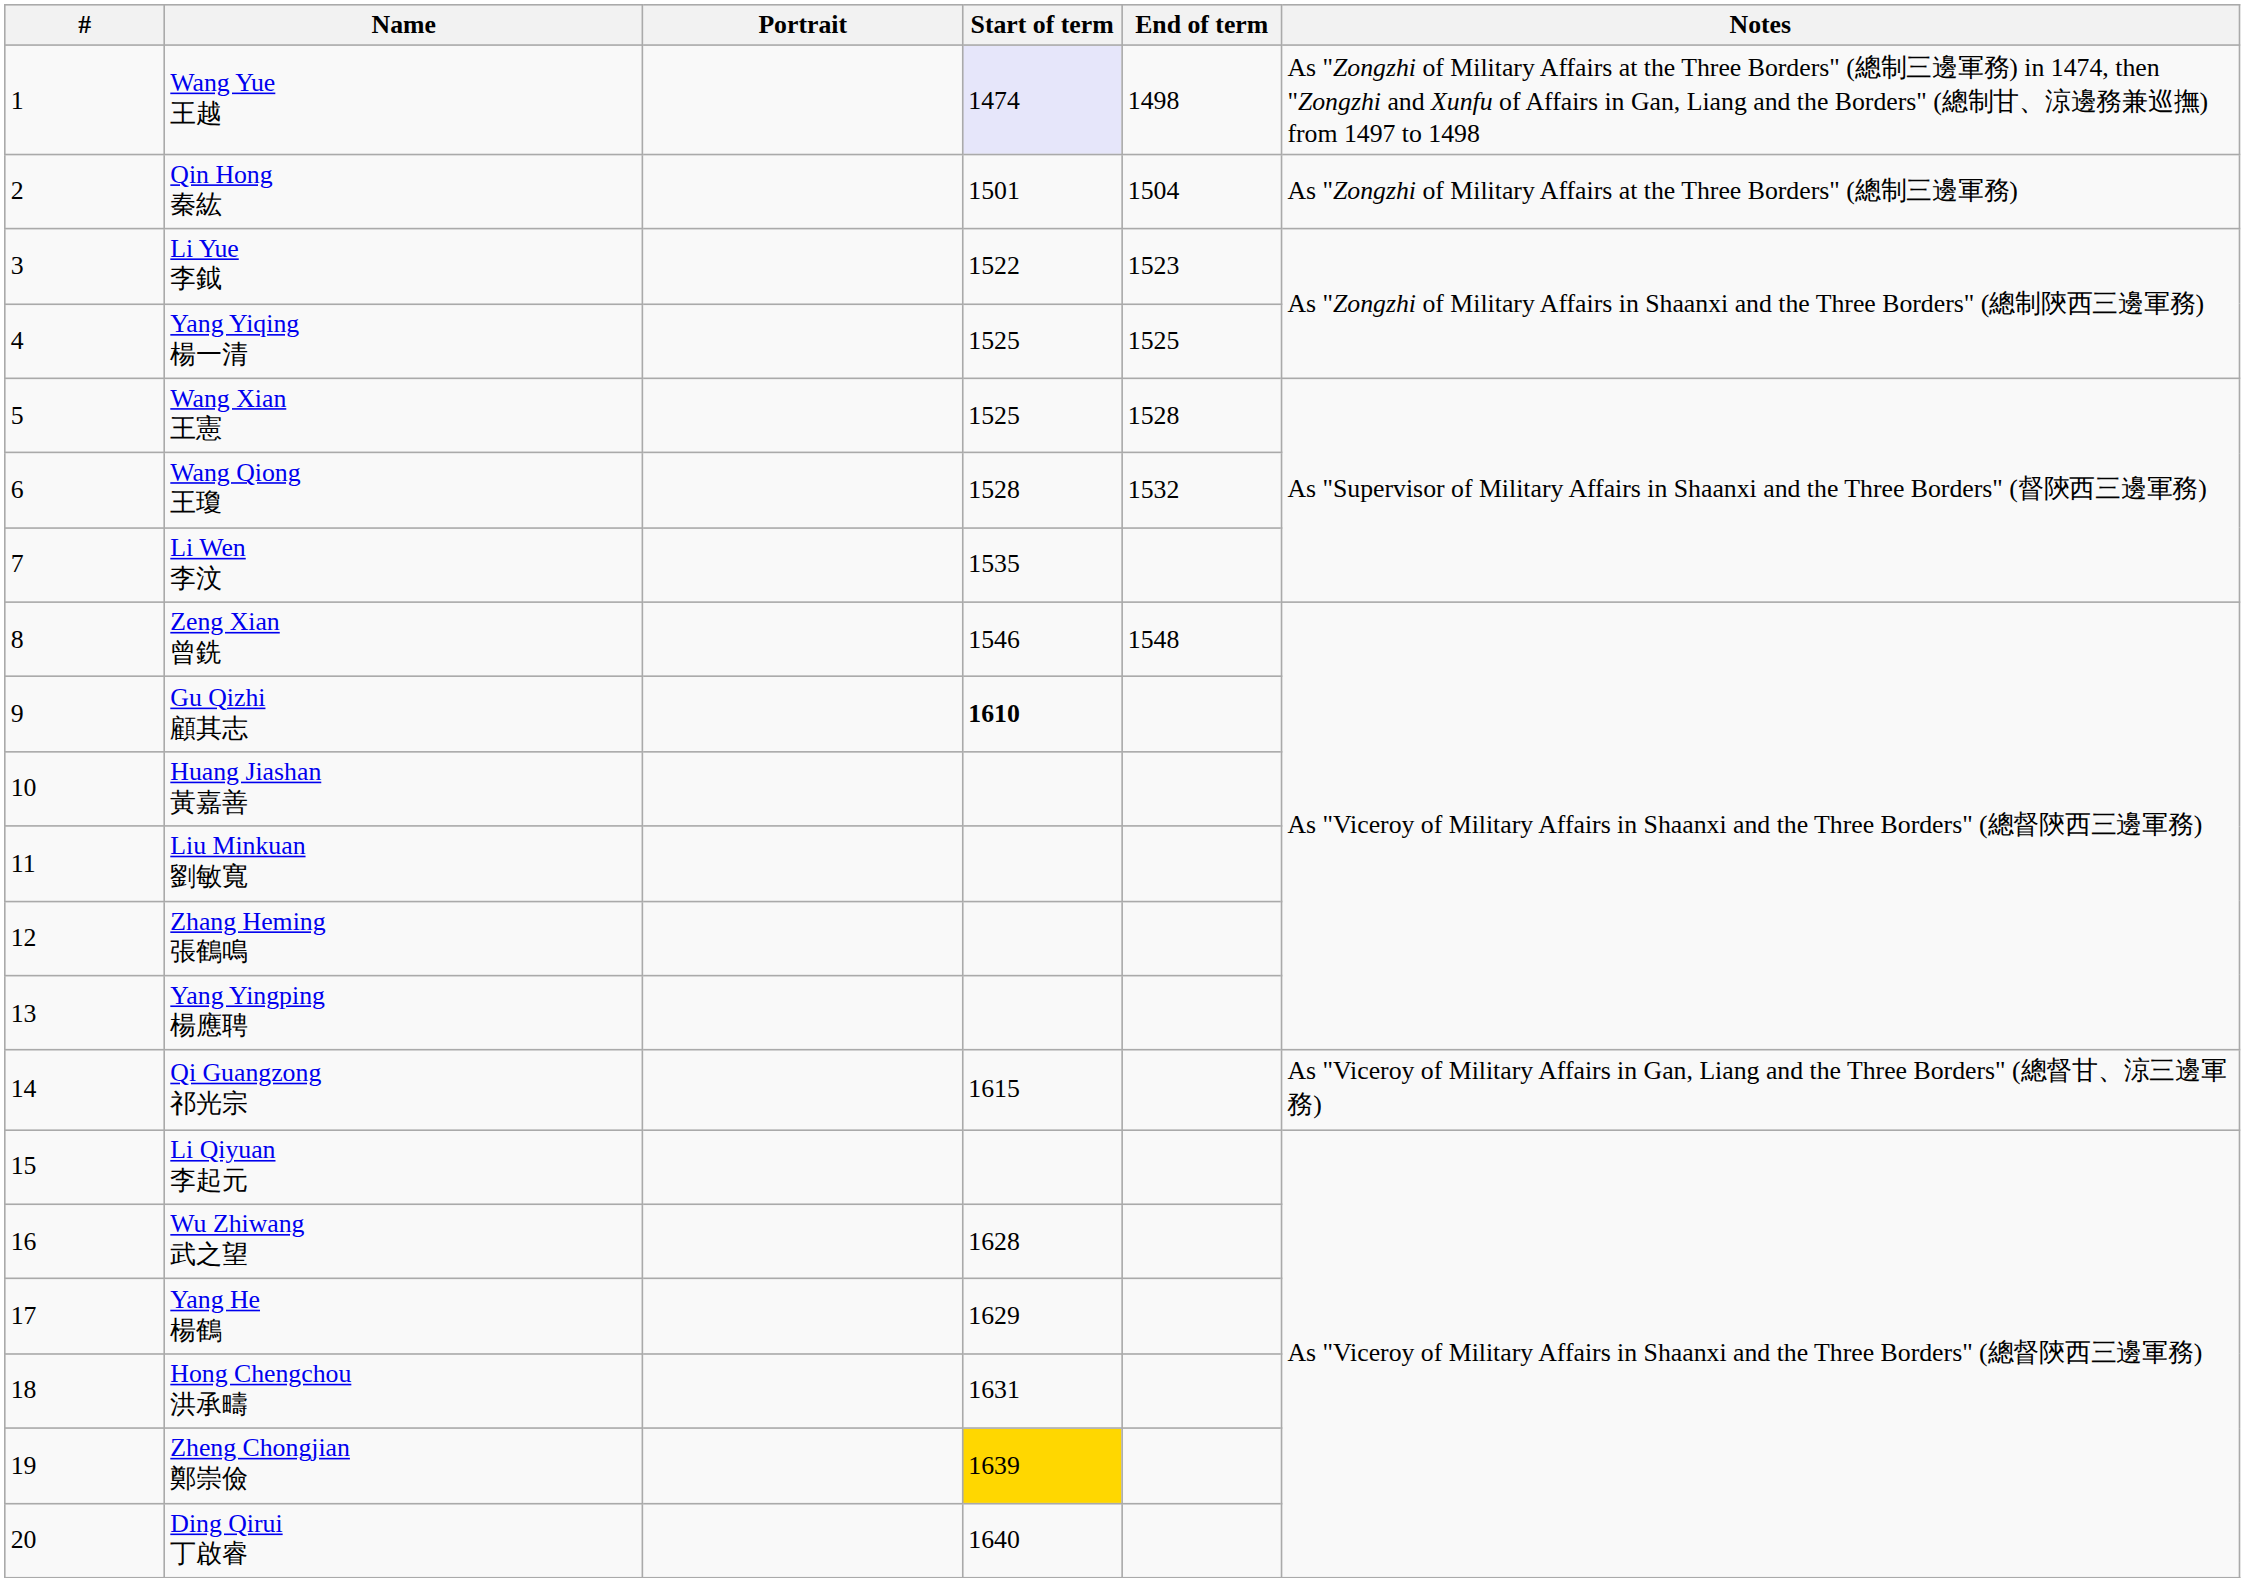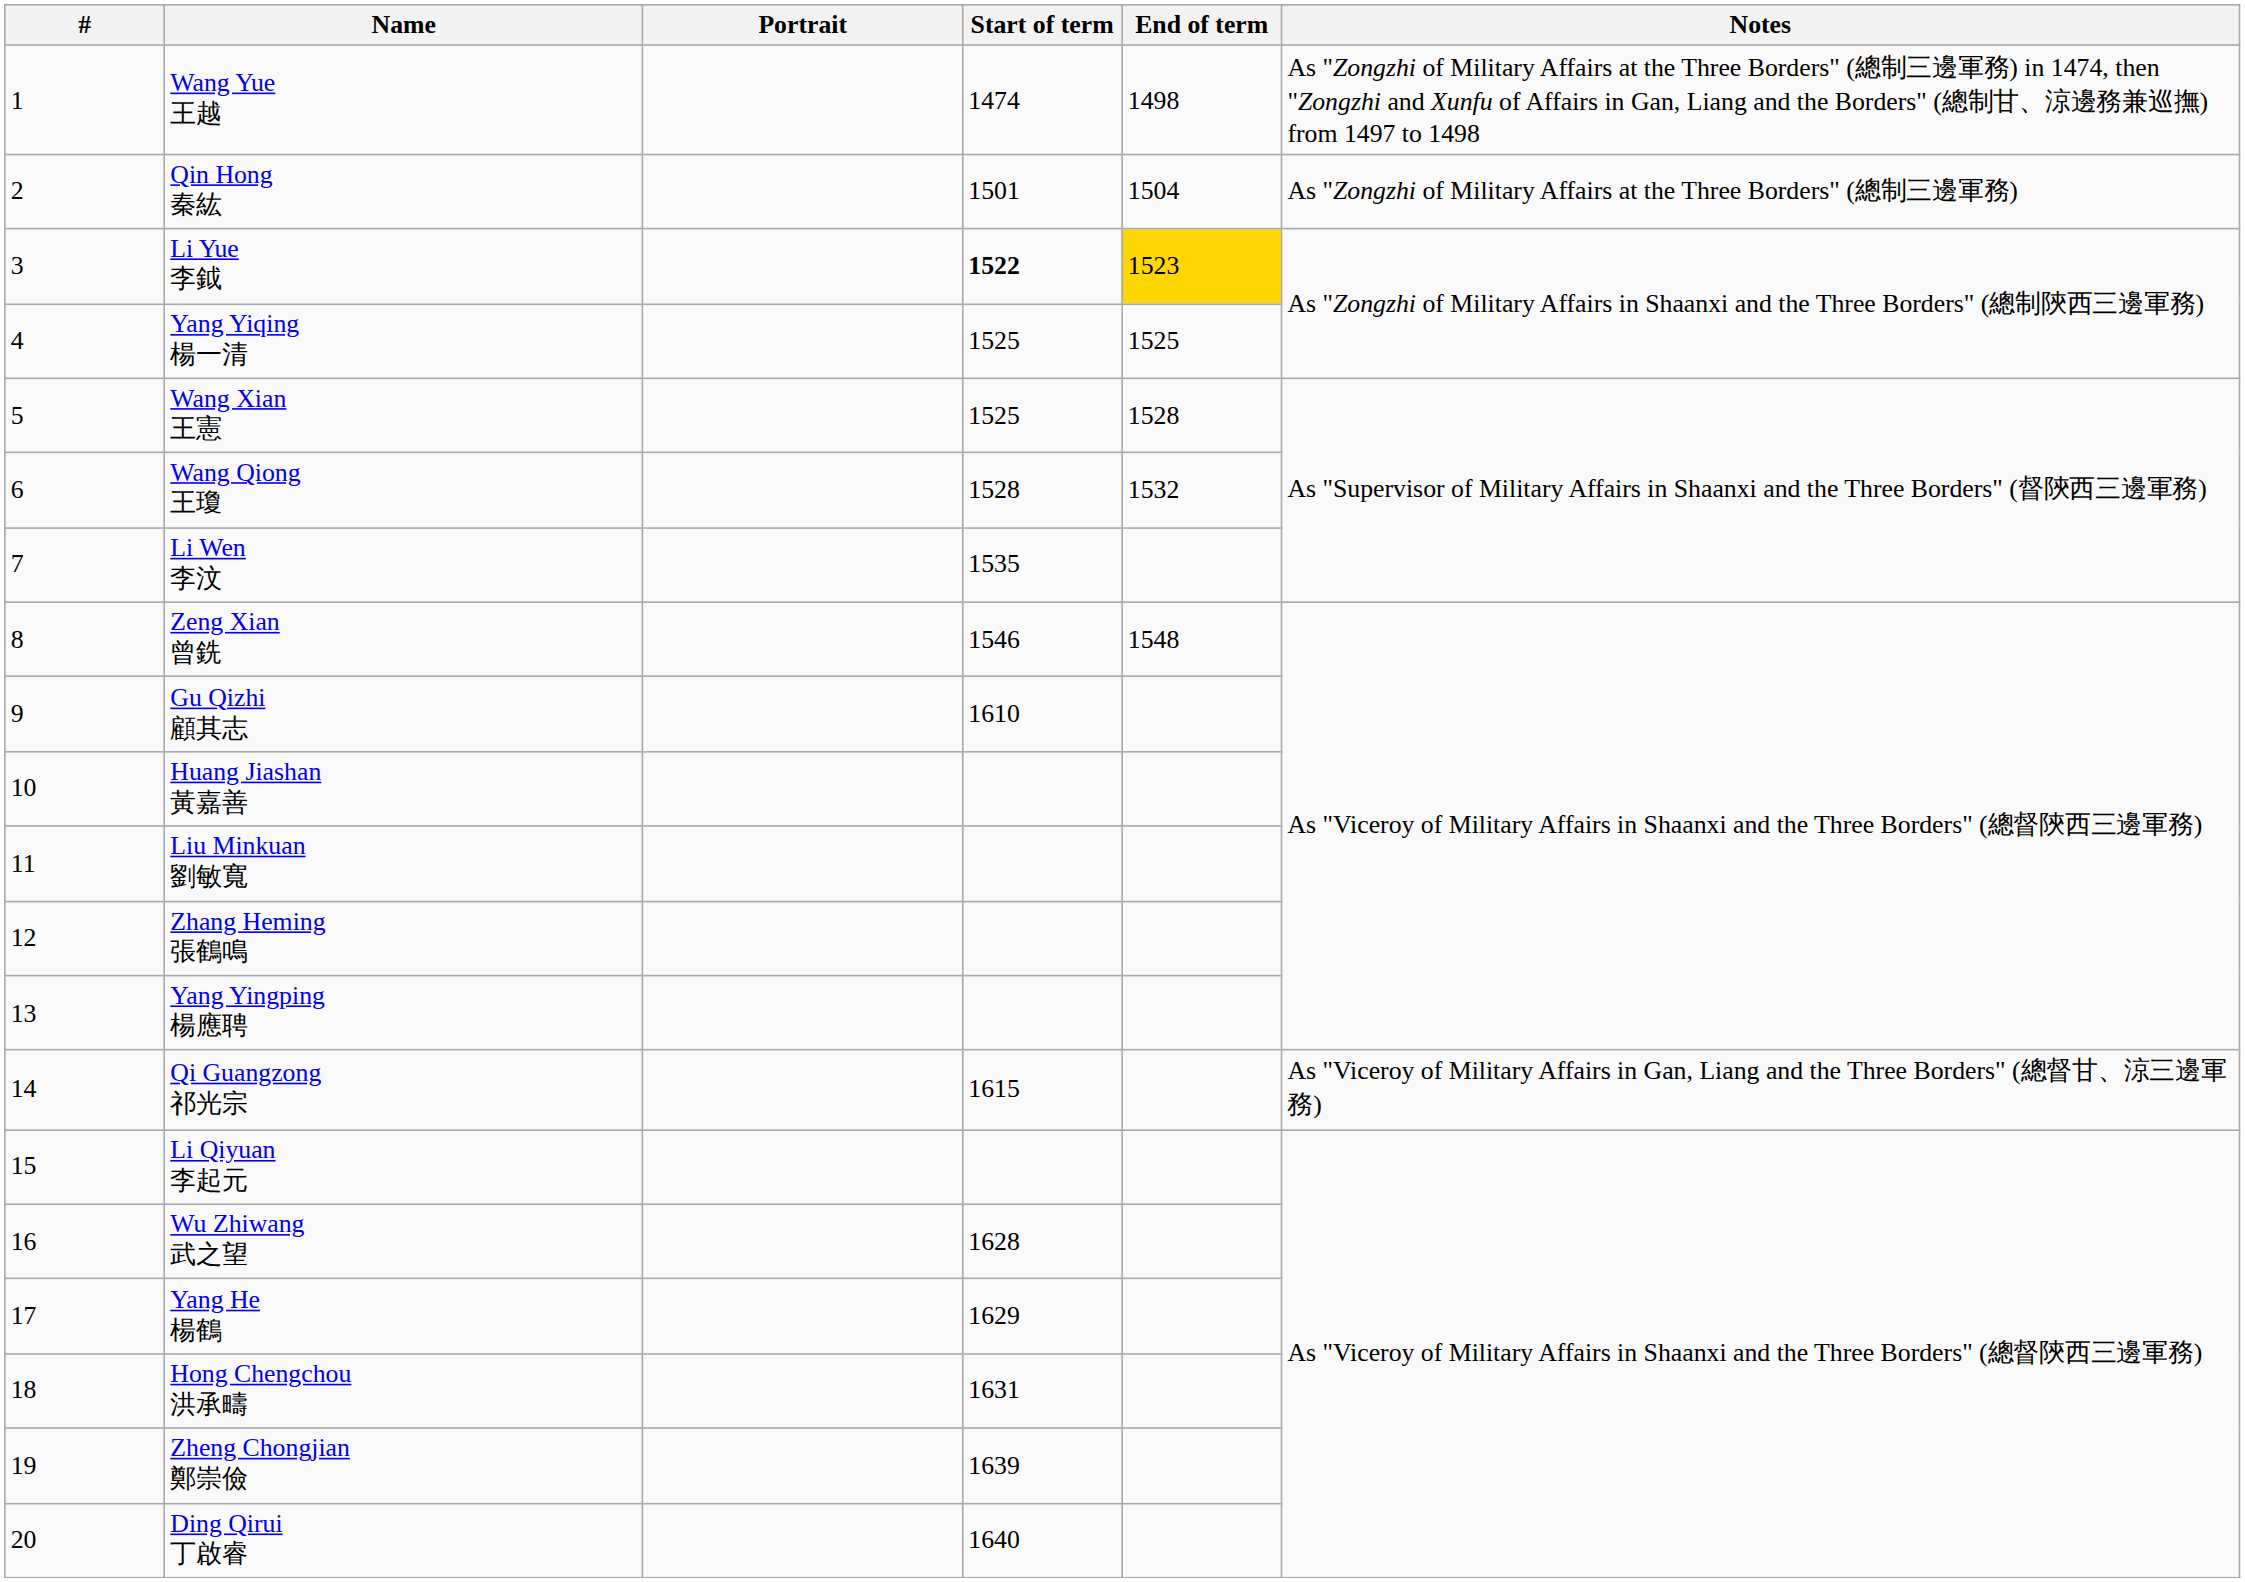 <table class="wikitable" width=70%>
 <tr>
 <th width=5%>#</th>
 <th width=15%>Name</th>
 <th width=10%>Portrait</th>
 <th width=5%>Start of term</th>
 <th width=5%>End of term</th>
 <th width=30%>Notes</th>
 </tr>
 <tr>
 <td>1</td>
 <td><a href='#'>Wang Yue</a><br>王越</td>
 <td></td>
-<td style="background: lavender;">1474</td>
+<td>1474</td>
 <td>1498</td>
 <td>As "<em>Zongzhi</em> of Military Affairs at the Three Borders" (總制三邊軍務) in 1474, then "<em>Zongzhi</em> and <em>Xunfu</em> of Affairs in Gan, Liang and the Borders" (總制甘、涼邊務兼巡撫) from 1497 to 1498</td>
 </tr>
 <tr>
 <td>2</td>
 <td><a href='#'>Qin Hong</a><br>秦紘</td>
 <td></td>
 <td>1501</td>
 <td>1504</td>
 <td>As "<em>Zongzhi</em> of Military Affairs at the Three Borders" (總制三邊軍務)</td>
 </tr>
 <tr>
 <td>3</td>
 <td><a href='#'>Li Yue</a><br>李鉞</td>
 <td></td>
-<td>1522</td>
-<td>1523</td>
+<td><strong>1522</strong></td>
+<td style="background: gold;">1523</td>
 <td rowspan=2>As "<em>Zongzhi</em> of Military Affairs in Shaanxi and the Three Borders" (總制陝西三邊軍務)</td>
 </tr>
 <tr>
 <td>4</td>
 <td><a href='#'>Yang Yiqing</a><br>楊一清</td>
 <td></td>
 <td>1525</td>
 <td>1525</td>
 </tr>
 <tr>
 <td>5</td>
 <td><a href='#'>Wang Xian</a><br>王憲</td>
 <td></td>
 <td>1525</td>
 <td>1528</td>
 <td rowspan=3>As "Supervisor of Military Affairs in Shaanxi and the Three Borders" (督陝西三邊軍務)</td>
 </tr>
 <tr>
 <td>6</td>
 <td><a href='#'>Wang Qiong</a><br>王瓊</td>
 <td></td>
 <td>1528</td>
 <td>1532</td>
 </tr>
 <tr>
 <td>7</td>
 <td><a href='#'>Li Wen</a><br>李汶</td>
 <td></td>
 <td>1535</td>
 <td></td>
 </tr>
 <tr>
 <td>8</td>
 <td><a href='#'>Zeng Xian</a><br>曾銑</td>
 <td></td>
 <td>1546</td>
 <td>1548</td>
 <td rowspan=6>As "Viceroy of Military Affairs in Shaanxi and the Three Borders" (總督陝西三邊軍務)</td>
 </tr>
 <tr>
 <td>9</td>
 <td><a href='#'>Gu Qizhi</a><br>顧其志</td>
 <td></td>
-<td><strong>1610</strong></td>
+<td>1610</td>
 <td></td>
 </tr>
 <tr>
 <td>10</td>
 <td><a href='#'>Huang Jiashan</a><br>黃嘉善</td>
 <td></td>
 <td></td>
 <td></td>
 </tr>
 <tr>
 <td>11</td>
 <td><a href='#'>Liu Minkuan</a><br>劉敏寬</td>
 <td></td>
 <td></td>
 <td></td>
 </tr>
 <tr>
 <td>12</td>
 <td><a href='#'>Zhang Heming</a><br>張鶴鳴</td>
 <td></td>
 <td></td>
 <td></td>
 </tr>
 <tr>
 <td>13</td>
 <td><a href='#'>Yang Yingping</a><br>楊應聘</td>
 <td></td>
 <td></td>
 <td></td>
 </tr>
 <tr>
 <td>14</td>
 <td><a href='#'>Qi Guangzong</a><br>祁光宗</td>
 <td></td>
 <td>1615</td>
 <td></td>
 <td>As "Viceroy of Military Affairs in Gan, Liang and the Three Borders" (總督甘、涼三邊軍務)</td>
 </tr>
 <tr>
 <td>15</td>
 <td><a href='#'>Li Qiyuan</a><br>李起元</td>
 <td></td>
 <td></td>
 <td></td>
 <td rowspan=6>As "Viceroy of Military Affairs in Shaanxi and the Three Borders" (總督陝西三邊軍務)</td>
 </tr>
 <tr>
 <td>16</td>
 <td><a href='#'>Wu Zhiwang</a><br>武之望</td>
 <td></td>
 <td>1628</td>
 <td></td>
 </tr>
 <tr>
 <td>17</td>
 <td><a href='#'>Yang He</a><br>楊鶴</td>
 <td></td>
 <td>1629</td>
 <td></td>
 </tr>
 <tr>
 <td>18</td>
 <td><a href='#'>Hong Chengchou</a><br>洪承疇</td>
 <td></td>
 <td>1631</td>
 <td></td>
 </tr>
 <tr>
 <td>19</td>
 <td><a href='#'>Zheng Chongjian</a><br>鄭崇儉</td>
 <td></td>
-<td style="background: gold;">1639</td>
+<td>1639</td>
 <td></td>
 </tr>
 <tr>
 <td>20</td>
 <td><a href='#'>Ding Qirui</a><br>丁啟睿</td>
 <td></td>
 <td>1640</td>
 <td></td>
 </tr>
 <tr>
 </tr>
 </table>
